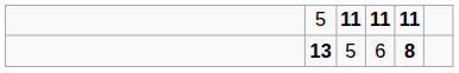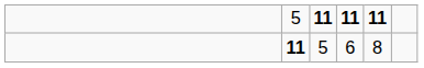 <table class="wikitable">
 <tr>
 <td style="width:15em"></td>
 <td align=center style="width:1em">5</td>
 <td align=center style="width:1em"><strong>11</strong></td>
 <td align=center style="width:1em"><strong>11</strong></td>
 <td align=center style="width:1em"><strong>11</strong></td>
 <td align=center style="width:1em"></td>
 </tr>
 <tr>
 <td style="width:15em"></td>
-<td align=center style="width:1em"><strong>13</strong></td>
+<td align=center style="width:1em"><strong>11</strong></td>
 <td align=center style="width:1em">5</td>
 <td align=center style="width:1em">6</td>
-<td align=center style="width:1em"><strong>8</strong></td>
+<td align=center style="width:1em">8</td>
 <td align=center style="width:1em"></td>
 </tr>
 </table>
